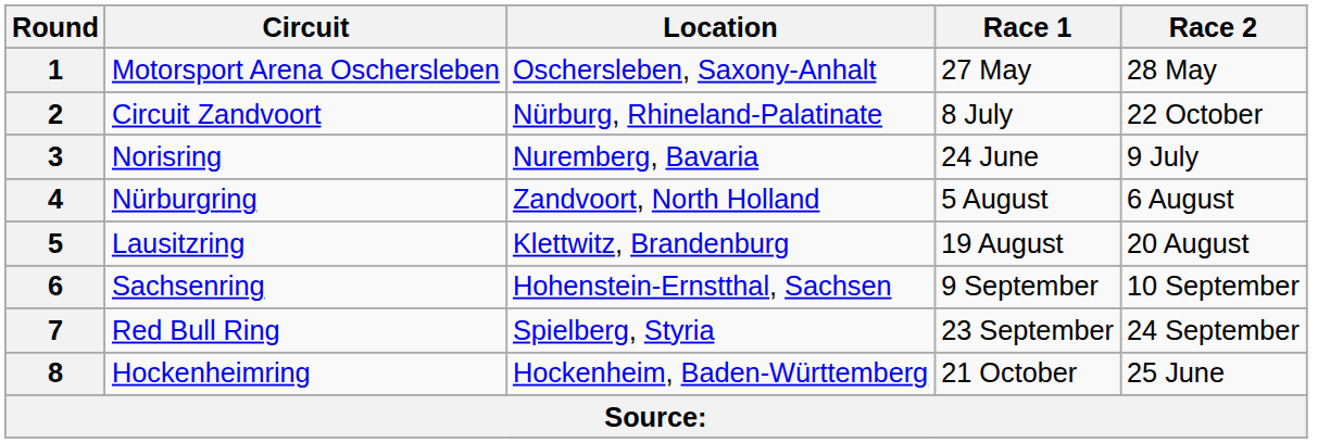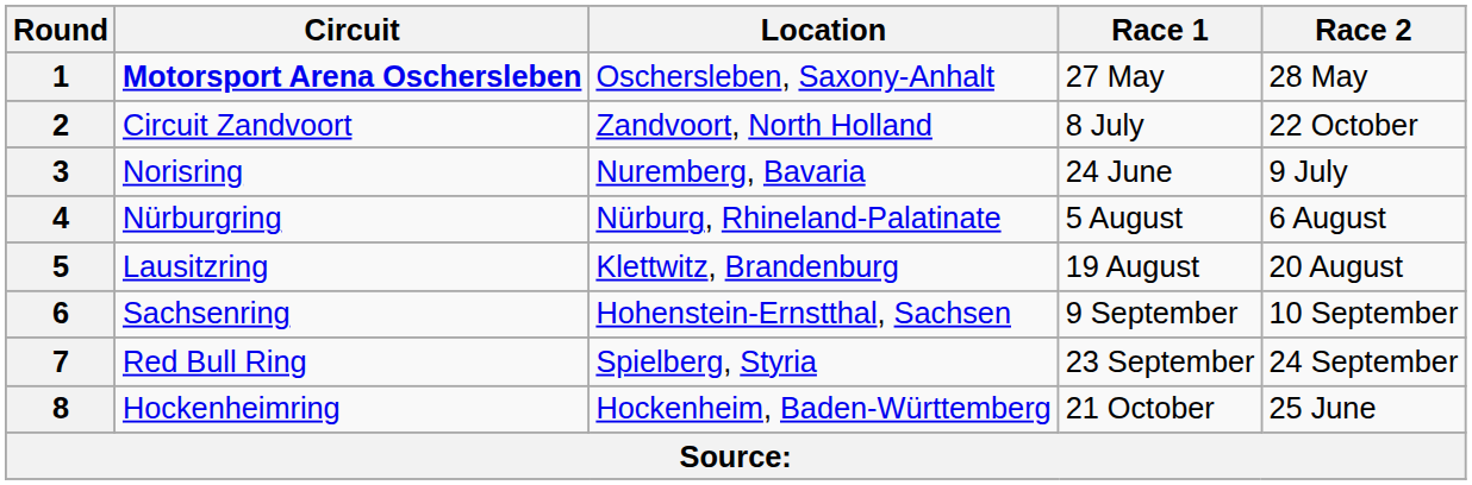 <table class=wikitable style="font-size:85%;">
 <tr>
 <th>Round</th>
 <th>Circuit</th>
 <th>Location</th>
 <th>Race 1</th>
 <th>Race 2</th>
 </tr>
 <tr>
 <th>1</th>
-<td> <a href='#'>Motorsport Arena Oschersleben</a></td>
+<td><strong> <a href='#'>Motorsport Arena Oschersleben</a></strong></td>
 <td><a href='#'>Oschersleben</a>, <a href='#'>Saxony-Anhalt</a></td>
 <td>27 May</td>
 <td>28 May</td>
 </tr>
 <tr>
 <th>2</th>
 <td> <a href='#'>Circuit Zandvoort</a></td>
-<td><a href='#'>Nürburg</a>, <a href='#'>Rhineland-Palatinate</a></td>
+<td><a href='#'>Zandvoort</a>, <a href='#'>North Holland</a></td>
 <td>8 July</td>
 <td>22 October</td>
 </tr>
 <tr>
 <th>3</th>
 <td> <a href='#'>Norisring</a></td>
 <td><a href='#'>Nuremberg</a>, <a href='#'>Bavaria</a></td>
 <td>24 June</td>
 <td>9 July</td>
 </tr>
 <tr>
 <th>4</th>
 <td> <a href='#'>Nürburgring</a></td>
-<td><a href='#'>Zandvoort</a>, <a href='#'>North Holland</a></td>
+<td><a href='#'>Nürburg</a>, <a href='#'>Rhineland-Palatinate</a></td>
 <td>5 August</td>
 <td>6 August</td>
 </tr>
 <tr>
 <th>5</th>
 <td> <a href='#'>Lausitzring</a></td>
 <td><a href='#'>Klettwitz</a>, <a href='#'>Brandenburg</a></td>
 <td>19 August</td>
 <td>20 August</td>
 </tr>
 <tr>
 <th>6</th>
 <td> <a href='#'>Sachsenring</a></td>
 <td><a href='#'>Hohenstein-Ernstthal</a>, <a href='#'>Sachsen</a></td>
 <td>9 September</td>
 <td>10 September</td>
 </tr>
 <tr>
 <th>7</th>
 <td> <a href='#'>Red Bull Ring</a></td>
 <td><a href='#'>Spielberg</a>, <a href='#'>Styria</a></td>
 <td>23 September</td>
 <td>24 September</td>
 </tr>
 <tr>
 <th>8</th>
 <td> <a href='#'>Hockenheimring</a></td>
 <td><a href='#'>Hockenheim</a>, <a href='#'>Baden-Württemberg</a></td>
 <td>21 October</td>
 <td>25 June</td>
 </tr>
 <tr>
 <th colspan="5">Source:</th>
 </tr>
 </table>
